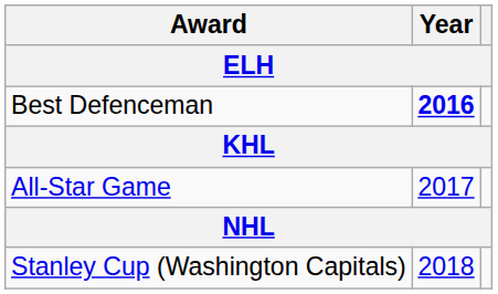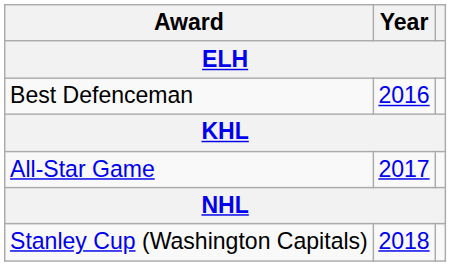 <table class="wikitable">
 <tr>
 <th>Award</th>
 <th>Year</th>
 <th></th>
 </tr>
 <tr>
 <th colspan="3"><a href='#'>ELH</a></th>
 </tr>
 <tr>
 <td>Best Defenceman</td>
-<td><strong><a href='#'>2016</a></strong></td>
+<td><a href='#'>2016</a></td>
 <td></td>
 </tr>
 <tr>
 <th colspan="3"><a href='#'>KHL</a></th>
 </tr>
 <tr>
 <td><a href='#'>All-Star Game</a></td>
 <td><a href='#'>2017</a></td>
 <td></td>
 </tr>
 <tr ALIGN="center" bgcolor="#e0e0e0">
 <th colspan="3"><a href='#'>NHL</a></th>
 </tr>
 <tr>
 <td><a href='#'>Stanley Cup</a> (Washington Capitals)</td>
 <td><a href='#'>2018</a></td>
 <td></td>
 </tr>
 </table>
